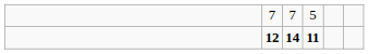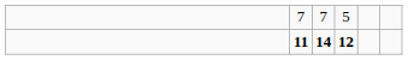 <table class="wikitable">
 <tr>
 <td style="width:18em"></td>
 <td align=center style="width:1em">7</td>
 <td align=center style="width:1em">7</td>
 <td align=center style="width:1em">5</td>
 <td align=center style="width:1em"></td>
 <td align=center style="width:1em"></td>
 </tr>
 <tr>
 <td style="width:18em"></td>
+<td align=center style="width:1em"><strong>11</strong></td>
+<td align=center style="width:1em"><strong>14</strong></td>
 <td align=center style="width:1em"><strong>12</strong></td>
-<td align=center style="width:1em"><strong>14</strong></td>
-<td align=center style="width:1em"><strong>11</strong></td>
 <td align=center style="width:1em"></td>
 <td align=center style="width:1em"></td>
 </tr>
 </table>
